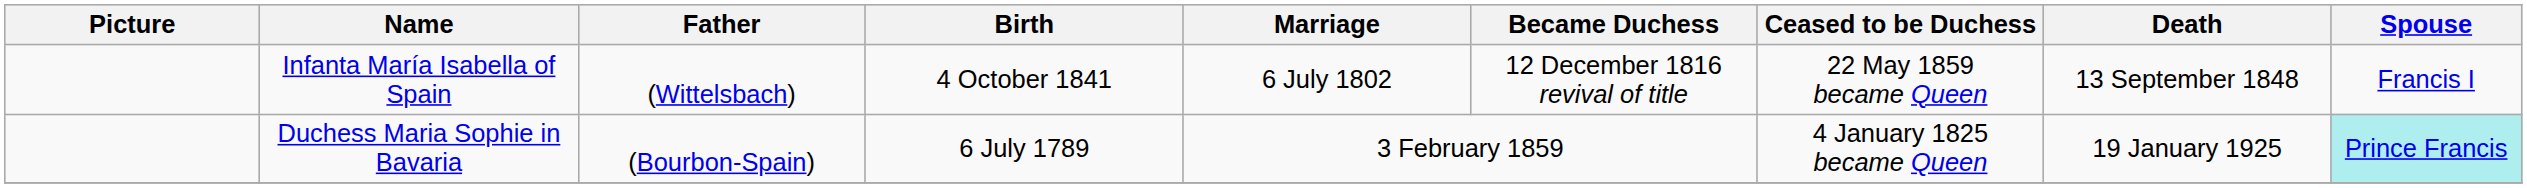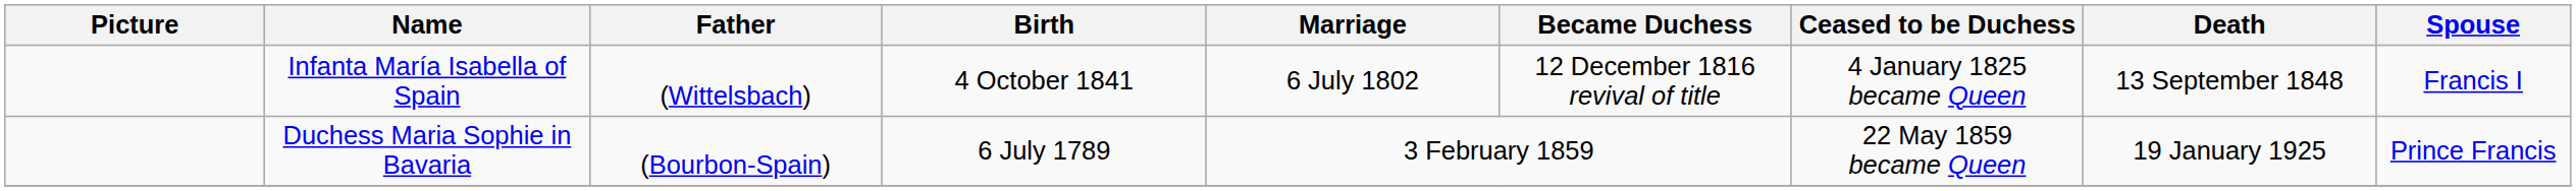 <table class="wikitable" style="width:100%; text-align:center">
 <tr>
 <th width="8%">Picture</th>
 <th width="10%">Name</th>
 <th width="9%">Father</th>
 <th width="10%">Birth</th>
 <th width="9%">Marriage</th>
 <th width="9%">Became Duchess</th>
 <th width="9%">Ceased to be Duchess</th>
 <th width="9%">Death</th>
 <th width="6%"><a href='#'>Spouse</a></th>
 </tr>
 <tr>
 <td></td>
 <td><a href='#'>Infanta María Isabella of Spain</a></td>
 <td><br>(<a href='#'>Wittelsbach</a>)</td>
 <td>4 October 1841</td>
 <td>6 July 1802</td>
 <td>12 December 1816<br><em>revival of title</em></td>
-<td>22 May 1859<br><em>became <a href='#'>Queen</a></em></td>
+<td>4 January 1825<br><em>became <a href='#'>Queen</a></em></td>
 <td>13 September 1848</td>
 <td><a href='#'>Francis I</a></td>
 </tr>
 <tr>
 <td></td>
 <td><a href='#'>Duchess Maria Sophie in Bavaria</a></td>
 <td><br>(<a href='#'>Bourbon-Spain</a>)</td>
 <td>6 July 1789</td>
 <td colspan=2>3 February 1859</td>
-<td>4 January 1825<br><em>became <a href='#'>Queen</a></em></td>
+<td>22 May 1859<br><em>became <a href='#'>Queen</a></em></td>
 <td>19 January 1925</td>
-<td style="background: paleturquoise;"><a href='#'>Prince Francis</a></td>
+<td><a href='#'>Prince Francis</a></td>
 </tr>
 <tr>
 </tr>
 </table>
